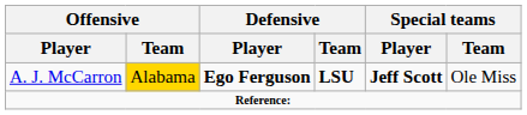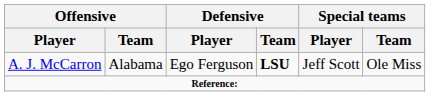 <table class="wikitable" border="1">
 <tr>
 <th colspan="2">Offensive</th>
 <th colspan="2">Defensive</th>
 <th colspan="2">Special teams</th>
 </tr>
 <tr>
 <th>Player</th>
 <th>Team</th>
 <th>Player</th>
 <th>Team</th>
 <th>Player</th>
 <th>Team</th>
 </tr>
 <tr>
 <td><a href='#'>A. J. McCarron</a></td>
-<td style="background: gold;">Alabama</td>
-<td><strong>Ego Ferguson</strong></td>
+<td>Alabama</td>
+<td>Ego Ferguson</td>
 <td><strong>LSU</strong></td>
-<td><strong>Jeff Scott</strong></td>
+<td>Jeff Scott</td>
 <td>Ole Miss</td>
 </tr>
 <tr>
 <td colspan="6" style="font-size: 8pt" align="center"><strong>Reference:</strong></td>
 </tr>
 </table>
